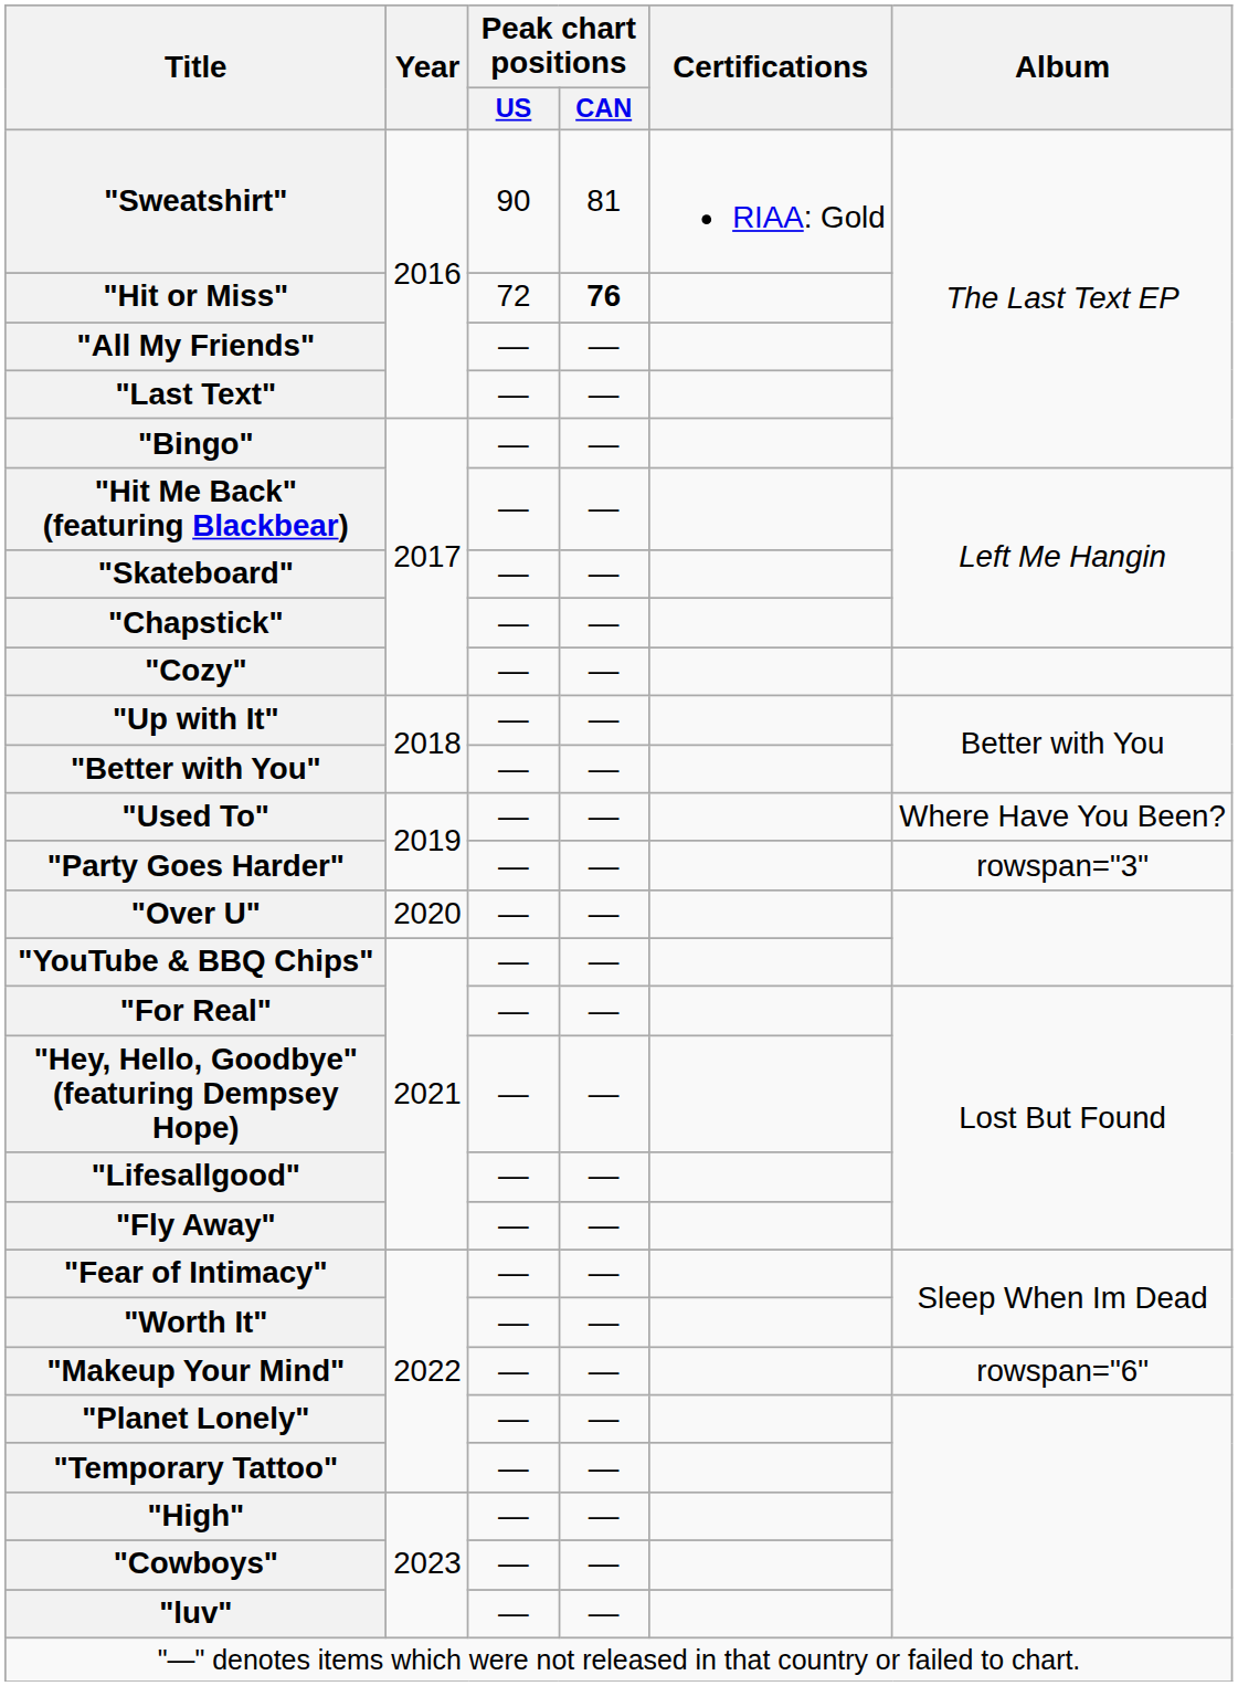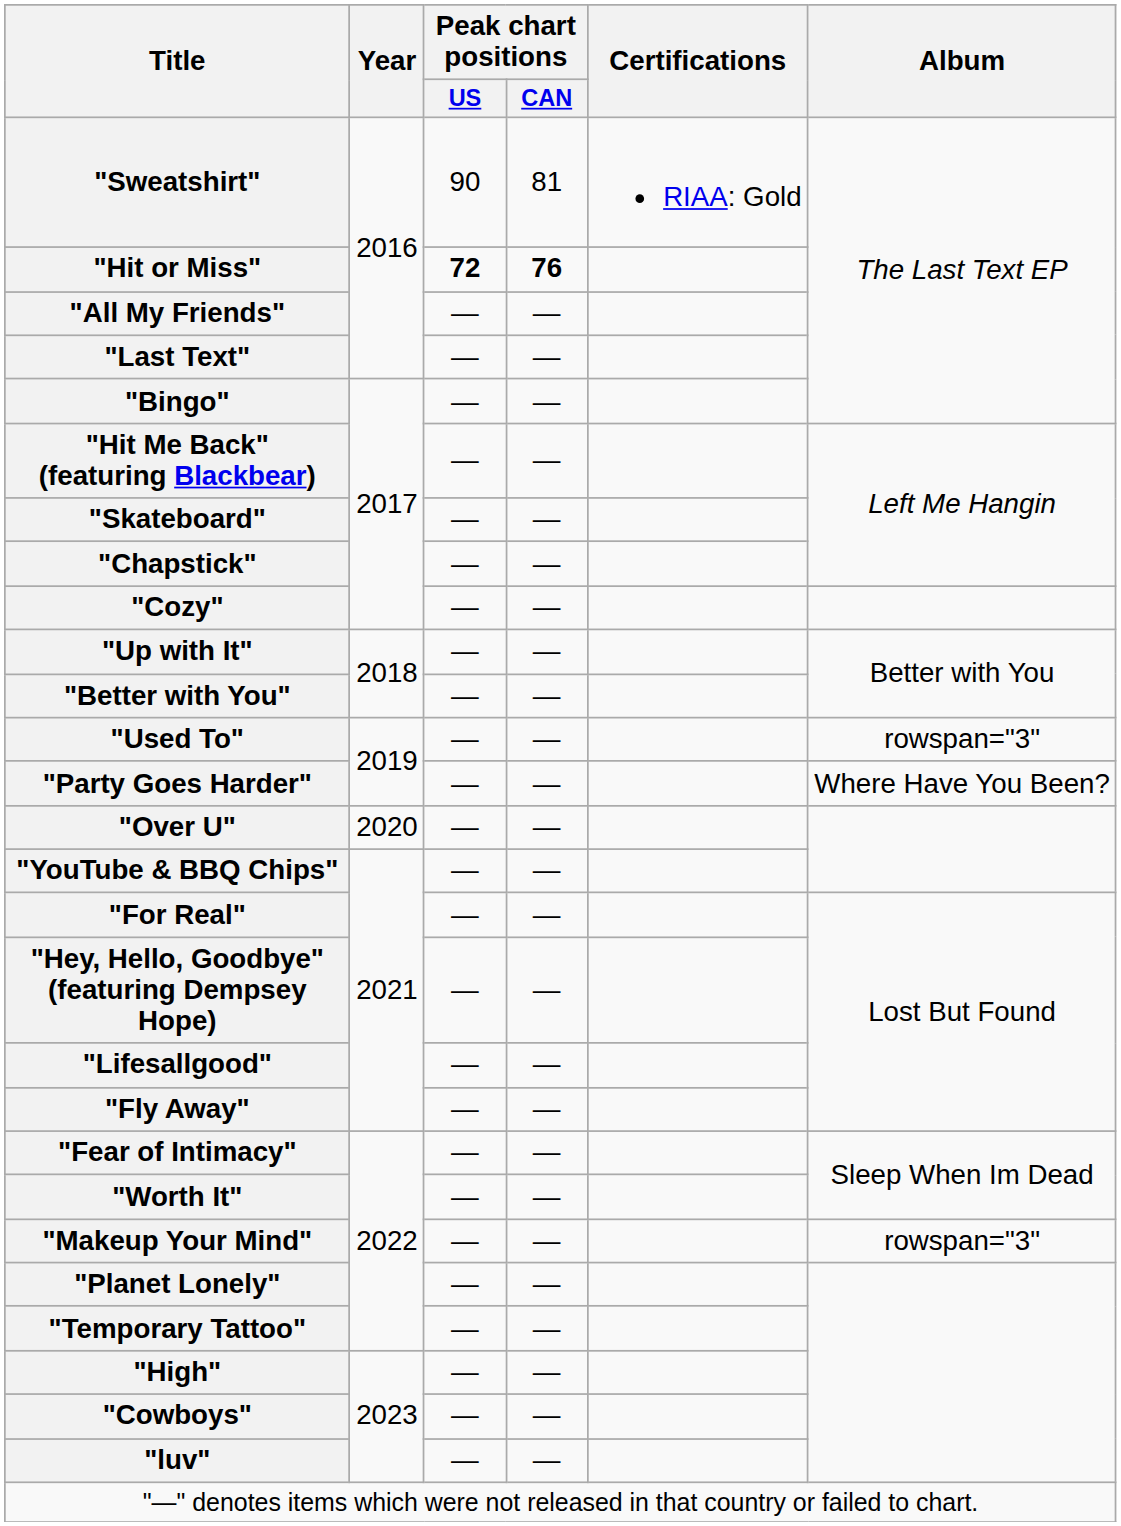 <table class="wikitable plainrowheaders" style="text-align:center;">
 <tr>
 <th scope="col" rowspan="2" style="width:12em;">Title</th>
 <th scope="col" rowspan="2" style="width:1em;">Year</th>
 <th scope="col" colspan="2">Peak chart positions</th>
 <th rowspan="2">Certifications</th>
 <th scope="col" rowspan="2">Album</th>
 </tr>
 <tr>
 <th scope="col" style="width:3em;font-size:85%;"><a href='#'>US</a><br></th>
 <th scope="col" style="width:3em;font-size:85%;"><a href='#'>CAN</a><br></th>
 </tr>
 <tr>
 <th scope="row">"Sweatshirt"</th>
 <td rowspan="4">2016</td>
 <td>90</td>
 <td>81</td>
 <td><br><ul><li><a href='#'>RIAA</a>: Gold</li></ul></td>
 <td rowspan="5"><em>The Last Text EP</em></td>
 </tr>
 <tr>
 <th scope="row">"Hit or Miss"</th>
-<td>72</td>
+<td><strong>72</strong></td>
 <td><strong>76</strong></td>
 <td></td>
 </tr>
 <tr>
 <th scope="row">"All My Friends"</th>
 <td>—</td>
 <td>—</td>
 <td></td>
 </tr>
 <tr>
 <th scope="row">"Last Text"</th>
 <td>—</td>
 <td>—</td>
 <td></td>
 </tr>
 <tr>
 <th scope="row">"Bingo"</th>
 <td rowspan="5">2017</td>
 <td>—</td>
 <td>—</td>
 <td></td>
 </tr>
 <tr>
 <th scope="row">"Hit Me Back"<br><span>(featuring <a href='#'>Blackbear</a>)</span></th>
 <td>—</td>
 <td>—</td>
 <td></td>
 <td rowspan="3"><em>Left Me Hangin<strong></td>
 </tr>
 <tr>
 <th scope="row">"Skateboard"</th>
 <td>—</td>
 <td>—</td>
 <td></td>
 </tr>
 <tr>
 <th scope="row">"Chapstick"</th>
 <td>—</td>
 <td>—</td>
 <td></td>
 </tr>
 <tr>
 <th scope="row">"Cozy"</th>
 <td>—</td>
 <td>—</td>
 <td></td>
 <td></td>
 </tr>
 <tr>
 <th scope="row">"Up with It"</th>
 <td rowspan="2">2018</td>
 <td>—</td>
 <td>—</td>
 <td></td>
 <td rowspan="2"></em>Better with You<em></td>
 </tr>
 <tr>
 <th scope="row">"Better with You"</th>
 <td>—</td>
 <td>—</td>
 <td></td>
 </tr>
 <tr>
 <th scope="row">"Used To"</th>
 <td rowspan="2">2019</td>
 <td>—</td>
 <td>—</td>
 <td></td>
-<td></em>Where Have You Been?<em></td>
+<td>rowspan="3" </td>
 </tr>
 <tr>
 <th scope="row">"Party Goes Harder"</th>
 <td>—</td>
 <td>—</td>
 <td></td>
-<td>rowspan="3" </td>
+<td></em>Where Have You Been?<em></td>
 </tr>
 <tr>
 <th scope="row">"Over U"</th>
 <td>2020</td>
 <td>—</td>
 <td>—</td>
 <td></td>
 </tr>
 <tr>
 <th scope="row">"YouTube & BBQ Chips"</th>
 <td rowspan="5">2021</td>
 <td>—</td>
 <td>—</td>
 <td></td>
 </tr>
 <tr>
 <th scope="row">"For Real"</th>
 <td>—</td>
 <td>—</td>
 <td></td>
 <td rowspan="4"></em>Lost But Found<em></td>
 </tr>
 <tr>
 <th scope="row">"Hey, Hello, Goodbye"<br><span>(featuring Dempsey Hope)</span></th>
 <td>—</td>
 <td>—</td>
 <td></td>
 </tr>
 <tr>
 <th scope="row">"Lifesallgood"</th>
 <td>—</td>
 <td>—</td>
 <td></td>
 </tr>
 <tr>
 <th scope="row">"Fly Away"</th>
 <td>—</td>
 <td>—</td>
 <td></td>
 </tr>
 <tr>
 <th scope="row">"Fear of Intimacy"</th>
 <td rowspan="5">2022</td>
 <td>—</td>
 <td>—</td>
 <td></td>
 <td rowspan="2"></em>Sleep When Im Dead<em></td>
 </tr>
 <tr>
 <th scope="row">"Worth It"</th>
 <td>—</td>
 <td>—</td>
 </tr>
 <tr>
 <th scope="row">"Makeup Your Mind"</th>
 <td>—</td>
 <td>—</td>
 <td></td>
-<td>rowspan="6" </td>
+<td>rowspan="3" </td>
 </tr>
 <tr>
 <th scope="row">"Planet Lonely"</th>
 <td>—</td>
 <td>—</td>
 <td></td>
 </tr>
 <tr>
 <th scope="row">"Temporary Tattoo"</th>
 <td>—</td>
 <td>—</td>
 <td></td>
 </tr>
 <tr>
 <th scope="row">"High"</th>
 <td rowspan="3">2023</td>
 <td>—</td>
 <td>—</td>
 <td></td>
 </tr>
 <tr>
 <th scope="row">"Cowboys"</th>
 <td>—</td>
 <td>—</td>
 <td></td>
 </tr>
 <tr>
 <th scope="row">"luv"</th>
 <td>—</td>
 <td>—</td>
 <td></td>
 </tr>
 <tr>
 <td colspan="7" style="font-size:90%;">"—" denotes items which were not released in that country or failed to chart.</td>
 </tr>
 </table>
